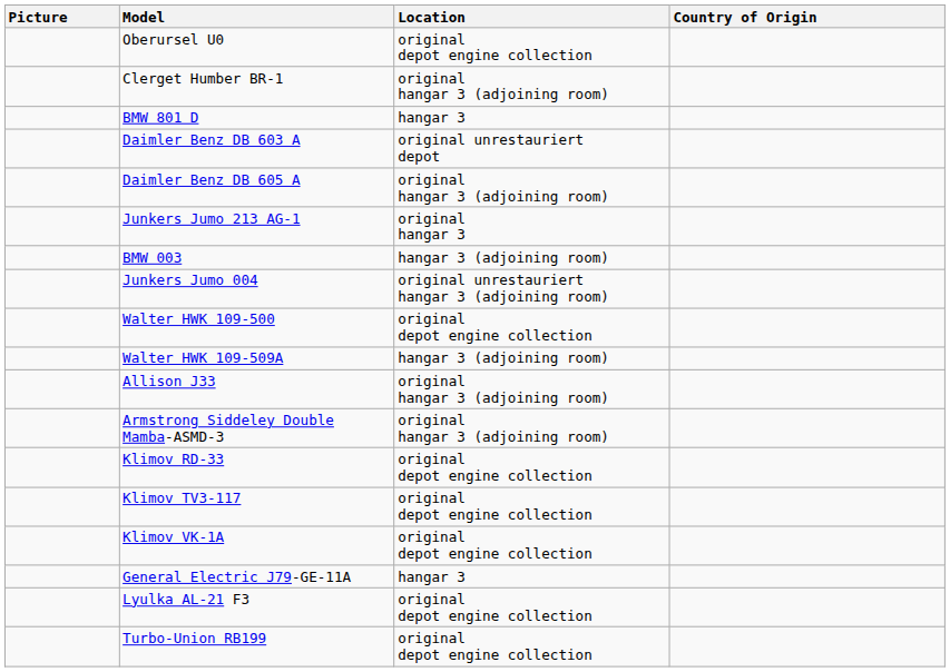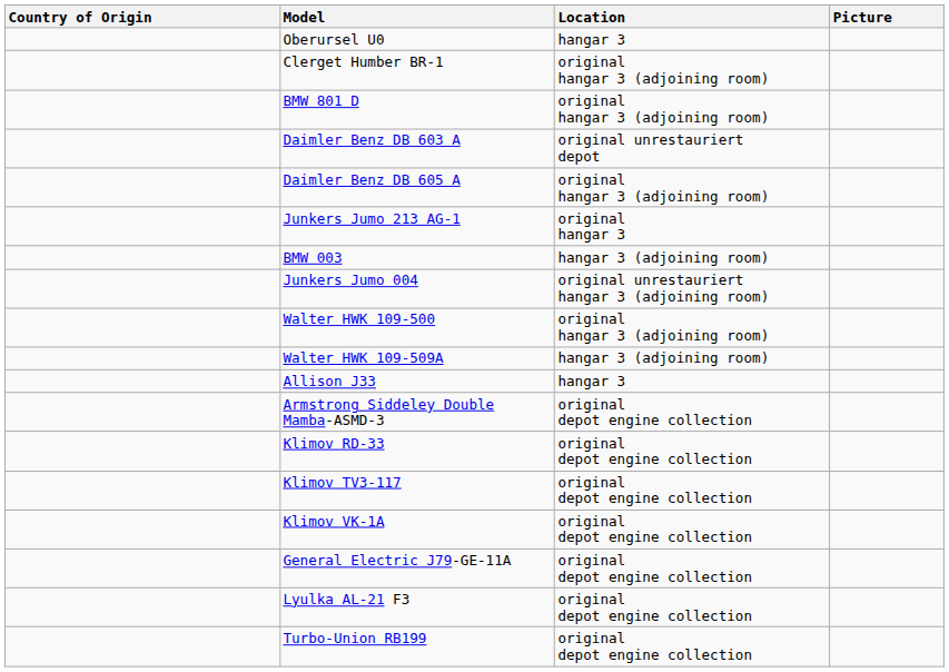 <table class="wikitable sortable">
 <tr>
-<th ! style="text-align:left" width=100px class="unsortable">Picture</th>
+<th style="text-align:left" width=250px>Country of Origin</th>
 <th ! style="text-align:left" width=250px>Model</th>
 <th ! style="text-align:left" width=250px class="unsortable">Location</th>
-<th style="text-align:left" width=250px>Country of Origin</th>
+<th ! style="text-align:left" width=100px class="unsortable">Picture</th>
 </tr>
 <tr style="vertical-align:top">
 <td style="text-align:left"></td>
 <td style="text-align:left">Oberursel U0</td>
-<td style="text-align:left">original<br>depot engine collection</td>
+<td style="text-align:left">hangar 3</td>
 <td style="text-align:left"></td>
 </tr>
 <tr style="vertical-align:top">
 <td style="text-align:left"></td>
 <td style="text-align:left">Clerget Humber BR-1</td>
 <td style="text-align:left">original<br>hangar 3 (adjoining room)</td>
 <td style="text-align:left"></td>
 </tr>
 <tr style="vertical-align:top">
 <td style="text-align:left"></td>
 <td style="text-align:left"><a href='#'>BMW 801 D</a></td>
-<td style="text-align:left">hangar 3</td>
+<td style="text-align:left">original<br>hangar 3 (adjoining room)</td>
 <td style="text-align:left"></td>
 </tr>
 <tr style="vertical-align:top">
 <td style="text-align:left"></td>
 <td style="text-align:left"><a href='#'>Daimler Benz DB 603 A</a></td>
 <td style="text-align:left">original unrestauriert<br>depot</td>
 <td style="text-align:left"></td>
 </tr>
 <tr style="vertical-align:top">
 <td style="text-align:left"></td>
 <td style="text-align:left"><a href='#'>Daimler Benz DB 605 A</a></td>
 <td style="text-align:left">original<br>hangar 3 (adjoining room)</td>
 <td style="text-align:left"></td>
 </tr>
 <tr style="vertical-align:top">
 <td style="text-align:left"></td>
 <td style="text-align:left"><a href='#'>Junkers Jumo 213 AG-1</a></td>
 <td style="text-align:left">original<br>hangar 3</td>
 <td style="text-align:left"></td>
 </tr>
 <tr style="vertical-align:top">
 <td style="text-align:left"></td>
 <td style="text-align:left"><a href='#'>BMW 003</a></td>
 <td style="text-align:left">hangar 3 (adjoining room)</td>
 <td style="text-align:left"></td>
 </tr>
 <tr style="vertical-align:top">
 <td style="text-align:left"></td>
 <td style="text-align:left"><a href='#'>Junkers Jumo 004</a></td>
 <td style="text-align:left">original unrestauriert<br>hangar 3 (adjoining room)</td>
 <td style="text-align:left"></td>
 </tr>
 <tr style="vertical-align:top">
 <td style="text-align:left"></td>
 <td style="text-align:left"><a href='#'>Walter HWK 109-500</a></td>
-<td style="text-align:left">original<br>depot engine collection</td>
+<td style="text-align:left">original<br>hangar 3 (adjoining room)</td>
 <td style="text-align:left"></td>
 </tr>
 <tr style="vertical-align:top">
 <td style="text-align:left"></td>
 <td style="text-align:left"><a href='#'>Walter HWK 109-509A</a></td>
 <td style="text-align:left">hangar 3 (adjoining room)</td>
 <td style="text-align:left"></td>
 </tr>
 <tr style="vertical-align:top">
 <td style="text-align:left"></td>
 <td style="text-align:left"><a href='#'>Allison J33</a></td>
-<td style="text-align:left">original<br>hangar 3 (adjoining room)</td>
+<td style="text-align:left">hangar 3</td>
 <td style="text-align:left"></td>
 </tr>
 <tr style="vertical-align:top">
 <td style="text-align:left"></td>
 <td style="text-align:left"><a href='#'>Armstrong Siddeley Double Mamba</a>-ASMD-3</td>
-<td style="text-align:left">original<br>hangar 3 (adjoining room)</td>
+<td style="text-align:left">original<br>depot engine collection</td>
 <td style="text-align:left"></td>
 </tr>
 <tr style="vertical-align:top">
 <td style="text-align:left"></td>
 <td style="text-align:left"><a href='#'>Klimov RD-33</a></td>
 <td style="text-align:left">original<br>depot engine collection</td>
 <td style="text-align:left"></td>
 </tr>
 <tr style="vertical-align:top">
 <td style="text-align:left"></td>
 <td style="text-align:left"><a href='#'>Klimov TV3-117</a></td>
 <td style="text-align:left">original<br>depot engine collection</td>
 <td style="text-align:left"></td>
 </tr>
 <tr style="vertical-align:top">
 <td style="text-align:left"></td>
 <td style="text-align:left"><a href='#'>Klimov VK-1A</a></td>
 <td style="text-align:left">original<br>depot engine collection</td>
 <td style="text-align:left"></td>
 </tr>
 <tr style="vertical-align:top">
 <td style="text-align:left"></td>
 <td style="text-align:left"><a href='#'>General Electric J79</a>-GE-11A</td>
-<td style="text-align:left">hangar 3</td>
+<td style="text-align:left">original<br>depot engine collection</td>
 <td style="text-align:left"></td>
 </tr>
 <tr style="vertical-align:top">
 <td style="text-align:left"></td>
 <td style="text-align:left"><a href='#'>Lyulka AL-21</a> F3</td>
 <td style="text-align:left">original<br>depot engine collection</td>
 <td style="text-align:left"></td>
 </tr>
 <tr style="vertical-align:top">
 <td style="text-align:left"></td>
 <td style="text-align:left"><a href='#'>Turbo-Union RB199</a></td>
 <td style="text-align:left">original<br>depot engine collection</td>
 <td style="text-align:left"></td>
 </tr>
 </table>
